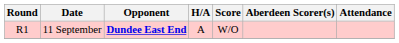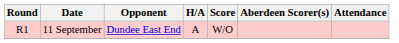 <table class="wikitable" style="text-align:center">
 <tr>
 <th>Round</th>
 <th>Date</th>
 <th>Opponent</th>
 <th>H/A</th>
 <th>Score</th>
 <th>Aberdeen Scorer(s)</th>
 <th>Attendance</th>
 </tr>
 <tr bgcolor=#FFCCCC>
 <td>R1</td>
 <td align=left>11 September</td>
-<td align=left><strong><a href='#'>Dundee East End</a></strong></td>
+<td align=left><a href='#'>Dundee East End</a></td>
 <td>A</td>
 <td>W/O</td>
 <td align=left></td>
 <td></td>
 </tr>
 <tr>
 </tr>
 </table>
